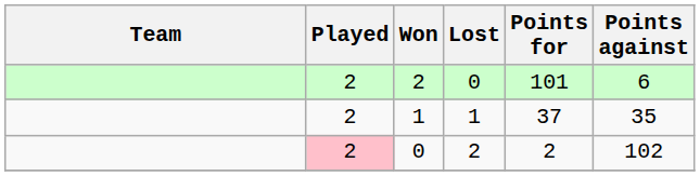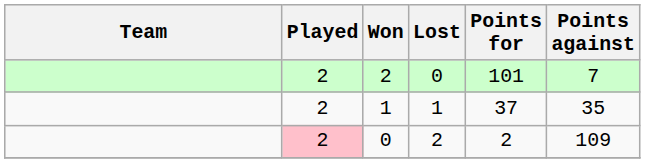 <table class="wikitable" style="text-align:center;">
 <tr>
 <th width=175>Team</th>
 <th width=20>Played</th>
 <th width=20>Won</th>
 <th width=20>Lost</th>
 <th width=20>Points for</th>
 <th width=20>Points against</th>
 </tr>
 <tr bgcolor=#ccffcc>
 <td style="text-align:left;"></td>
 <td>2</td>
 <td>2</td>
 <td>0</td>
 <td>101</td>
-<td>6</td>
+<td>7</td>
 </tr>
 <tr>
 <td style="text-align:left;"></td>
 <td>2</td>
 <td>1</td>
 <td>1</td>
 <td>37</td>
 <td>35</td>
 </tr>
 <tr>
 <td style="text-align:left;"></td>
 <td style="background: pink;">2</td>
 <td>0</td>
 <td>2</td>
 <td>2</td>
-<td>102</td>
+<td>109</td>
 </tr>
 <tr>
 </tr>
 </table>
